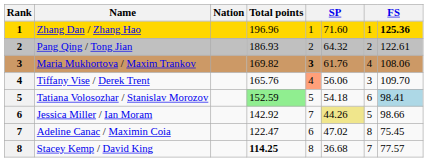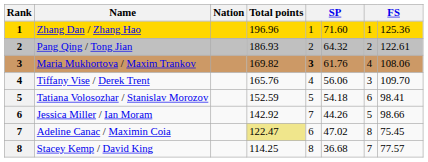 <table class="wikitable">
 <tr>
 <th>Rank</th>
 <th>Name</th>
 <th>Nation</th>
 <th>Total points</th>
 <th colspan="2" width="80px"><a href='#'>SP</a></th>
 <th colspan="2" width="80px"><a href='#'>FS</a></th>
 </tr>
 <tr bgcolor="gold">
 <td align="center"><strong>1</strong></td>
 <td><a href='#'>Zhang Dan</a> / <a href='#'>Zhang Hao</a></td>
 <td></td>
 <td>196.96</td>
 <td>1</td>
 <td>71.60</td>
 <td>1</td>
-<td><strong>125.36</strong></td>
+<td>125.36</td>
 </tr>
 <tr bgcolor="silver">
 <td align="center"><strong>2</strong></td>
 <td><a href='#'>Pang Qing</a> / <a href='#'>Tong Jian</a></td>
 <td></td>
 <td>186.93</td>
 <td>2</td>
 <td>64.32</td>
 <td>2</td>
 <td>122.61</td>
 </tr>
 <tr bgcolor="cc9966">
 <td align="center"><strong>3</strong></td>
 <td><a href='#'>Maria Mukhortova</a> / <a href='#'>Maxim Trankov</a></td>
 <td></td>
 <td>169.82</td>
 <td><strong>3</strong></td>
 <td>61.76</td>
 <td>4</td>
 <td>108.06</td>
 </tr>
 <tr>
 <th>4</th>
 <td><a href='#'>Tiffany Vise</a> / <a href='#'>Derek Trent</a></td>
 <td></td>
 <td>165.76</td>
-<td style="background: lightsalmon;">4</td>
+<td>4</td>
 <td>56.06</td>
 <td>3</td>
 <td>109.70</td>
 </tr>
 <tr>
 <th>5</th>
 <td><a href='#'>Tatiana Volosozhar</a> / <a href='#'>Stanislav Morozov</a></td>
 <td></td>
-<td style="background: lightgreen;">152.59</td>
+<td>152.59</td>
 <td>5</td>
 <td>54.18</td>
 <td>6</td>
-<td style="background: lightblue;">98.41</td>
+<td>98.41</td>
 </tr>
 <tr>
 <th>6</th>
 <td><a href='#'>Jessica Miller</a> / <a href='#'>Ian Moram</a></td>
 <td></td>
 <td>142.92</td>
 <td>7</td>
-<td style="background: khaki;">44.26</td>
+<td>44.26</td>
 <td>5</td>
 <td>98.66</td>
 </tr>
 <tr>
 <th>7</th>
 <td><a href='#'>Adeline Canac</a> / <a href='#'>Maximin Coia</a></td>
 <td></td>
-<td>122.47</td>
+<td style="background: khaki;">122.47</td>
 <td>6</td>
 <td>47.02</td>
 <td>8</td>
 <td>75.45</td>
 </tr>
 <tr>
 <th>8</th>
 <td><a href='#'>Stacey Kemp</a> / <a href='#'>David King</a></td>
 <td></td>
-<td><strong>114.25</strong></td>
+<td>114.25</td>
 <td>8</td>
 <td>36.68</td>
 <td>7</td>
 <td>77.57</td>
 </tr>
 </table>
